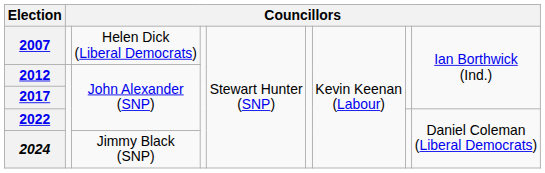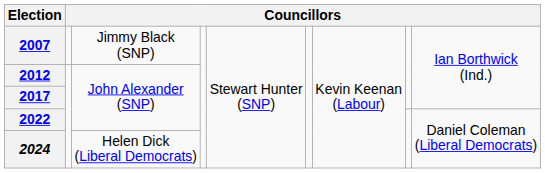 <table class="wikitable" style="text-align:center">
 <tr>
 <th>Election</th>
 <th colspan=8>Councillors</th>
 </tr>
 <tr>
 <th><a href='#'>2007</a></th>
 <td rowspan=1; style="background-color: "></td>
-<td rowspan=1>Helen Dick<br>(<a href='#'>Liberal Democrats</a>)</td>
+<td>Jimmy Black<br>(SNP)</td>
 <td rowspan=5; style="background-color: "></td>
 <td rowspan="6">Stewart Hunter<br>(<a href='#'>SNP</a>)</td>
 <td rowspan=5; style="background-color: "></td>
 <td rowspan="6">Kevin Keenan<br>(<a href='#'>Labour</a>)</td>
 <td rowspan=3; style="background-color: "></td>
 <td rowspan=3><a href='#'>Ian Borthwick</a><br>(Ind.)</td>
 </tr>
 <tr>
 <th><a href='#'>2012</a></th>
 <td rowspan=4; style="background-color: "></td>
 <td rowspan="3"><a href='#'>John Alexander</a><br>(<a href='#'>SNP</a>)</td>
 </tr>
 <tr>
 <th><a href='#'>2017</a></th>
 </tr>
 <tr>
 <th><a href='#'>2022</a></th>
 <td rowspan=2; style="background-color: "></td>
 <td rowspan="2">Daniel Coleman<br>(<a href='#'>Liberal Democrats</a>)</td>
 </tr>
 <tr>
 <th><strong><em>2024</em></strong></th>
-<td>Jimmy Black<br>(SNP)</td>
+<td rowspan=1>Helen Dick<br>(<a href='#'>Liberal Democrats</a>)</td>
 </tr>
 </table>
